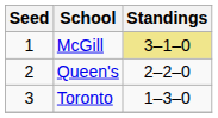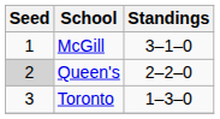 <table class="wikitable">
 <tr>
 <th>Seed</th>
 <th>School</th>
 <th>Standings</th>
 </tr>
 <tr>
 <td align=center>1</td>
 <td><a href='#'>McGill</a></td>
-<td align=center style="background: khaki;">3–1–0</td>
+<td align=center>3–1–0</td>
 </tr>
 <tr>
-<td align=center>2</td>
+<td align=center style="background: lightgrey;">2</td>
 <td><a href='#'>Queen's</a></td>
 <td align=center>2–2–0</td>
 </tr>
 <tr>
 <td align=center>3</td>
 <td><a href='#'>Toronto</a></td>
 <td align=center>1–3–0</td>
 </tr>
 <tr>
 </tr>
 </table>
